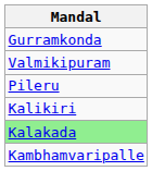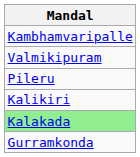 <table class="wikitable sortable static-row-numbers static-row-header-hash">
 <tr>
 <th>Mandal</th>
 </tr>
 <tr>
-<td><a href='#'>Gurramkonda</a></td>
+<td><a href='#'>Kambhamvaripalle</a></td>
 </tr>
 <tr>
 <td><a href='#'>Valmikipuram</a></td>
 </tr>
 <tr>
 <td><a href='#'> Pileru</a></td>
 </tr>
 <tr>
 <td><a href='#'>Kalikiri</a></td>
 </tr>
 <tr>
 <td style="background: lightgreen;"><a href='#'>Kalakada</a></td>
 </tr>
 <tr>
-<td><a href='#'>Kambhamvaripalle</a></td>
+<td><a href='#'>Gurramkonda</a></td>
 </tr>
 </table>
